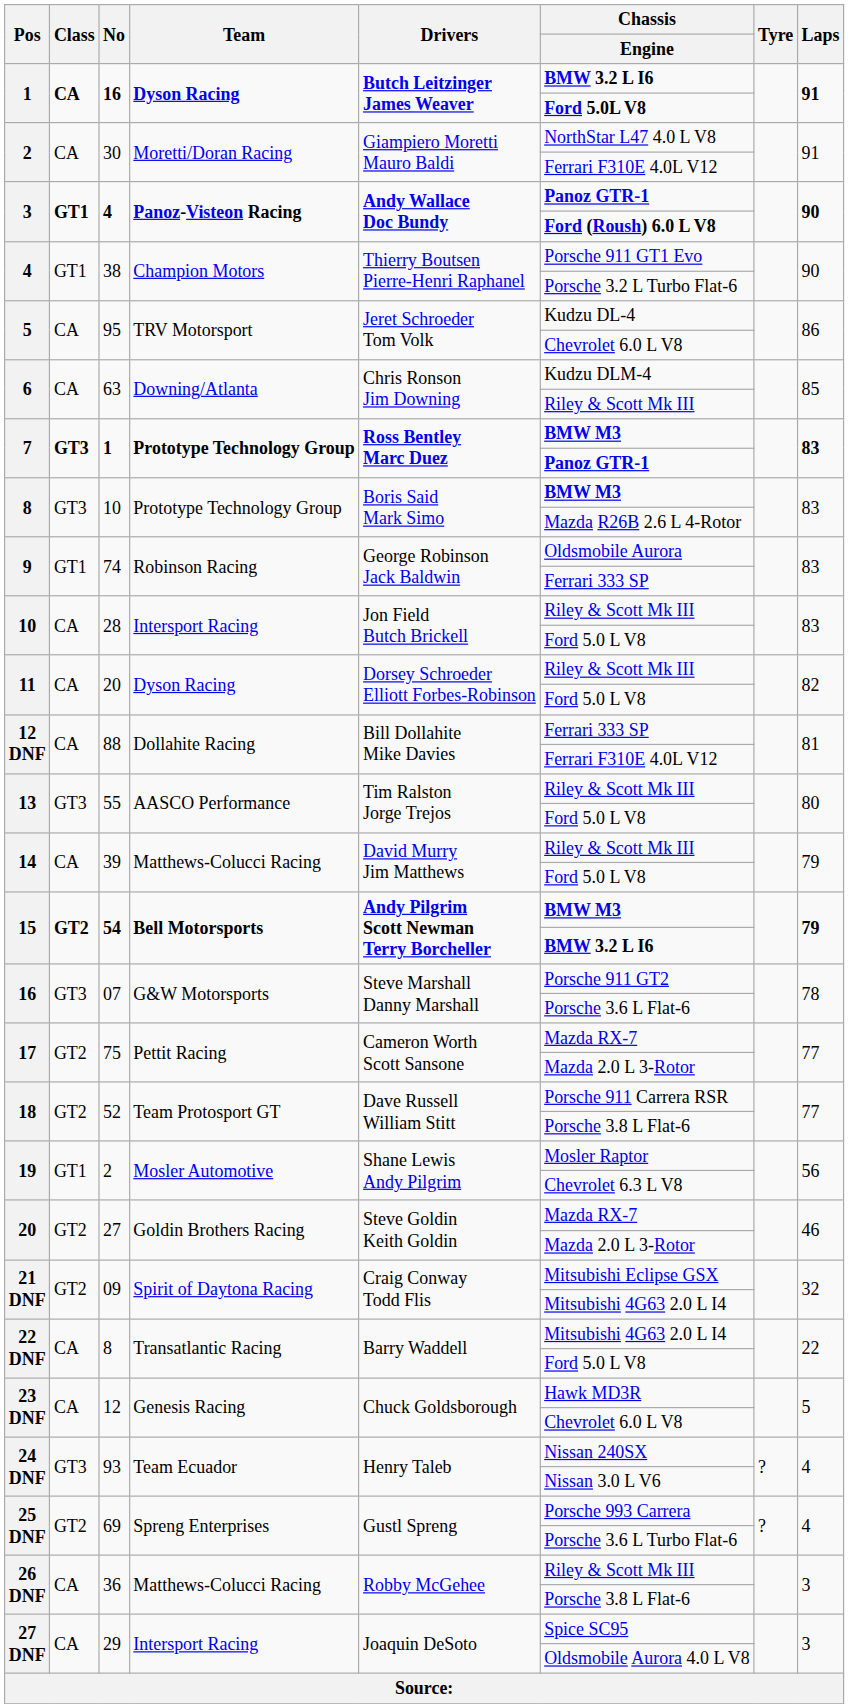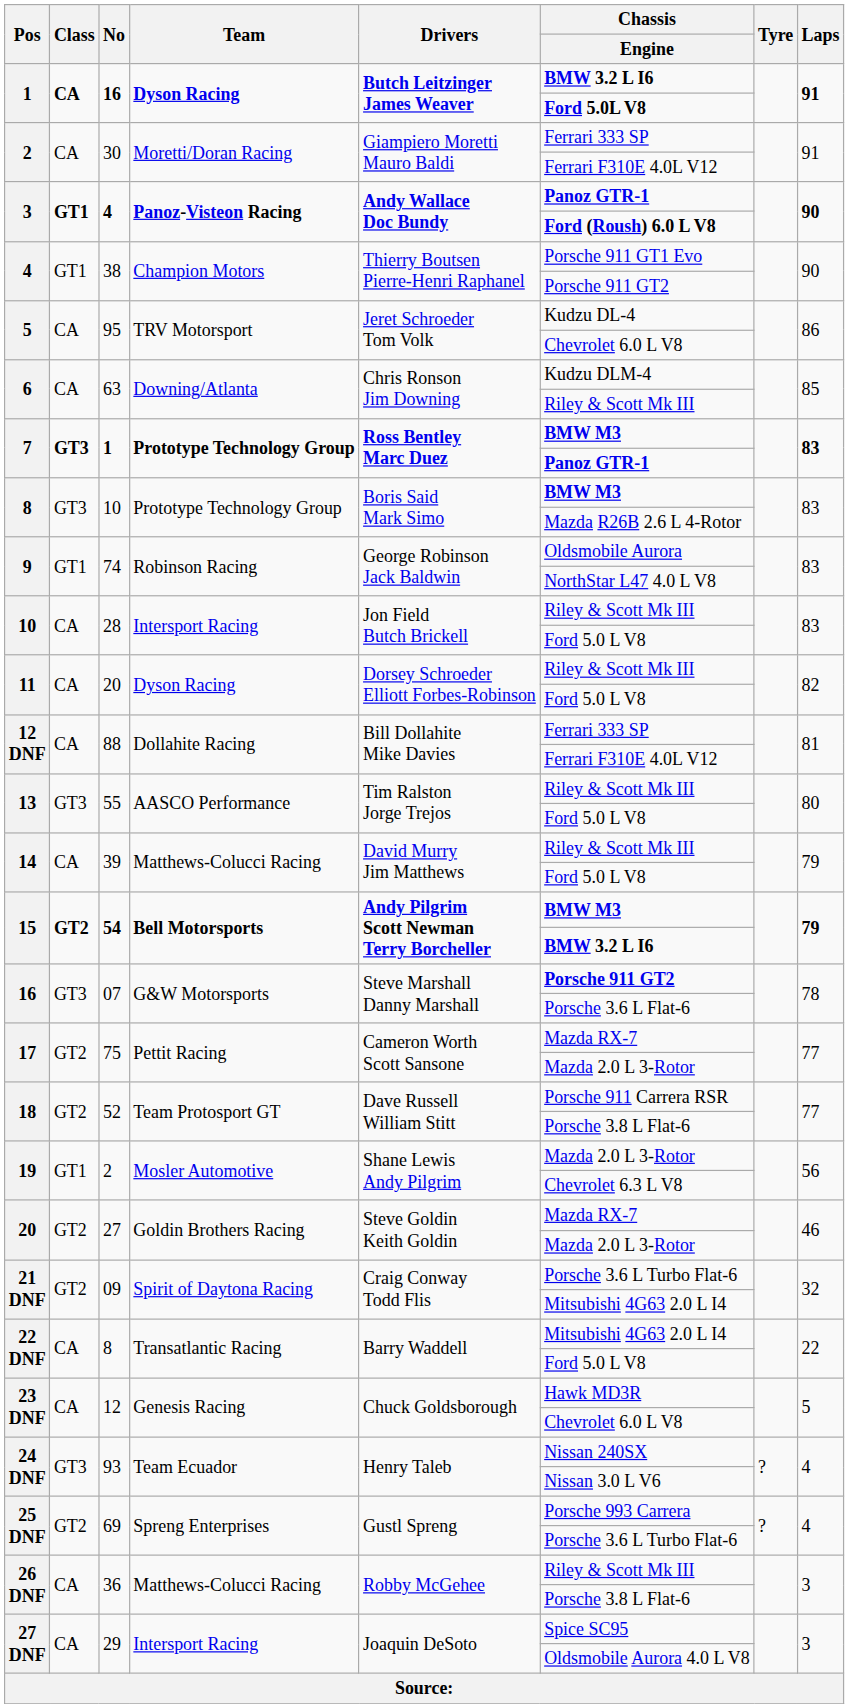 <table class="wikitable" style="font-size: 95%;">
 <tr>
 <th rowspan=2>Pos</th>
 <th rowspan=2>Class</th>
 <th rowspan=2>No</th>
 <th rowspan=2>Team</th>
 <th rowspan=2>Drivers</th>
 <th>Chassis</th>
 <th rowspan=2>Tyre</th>
 <th rowspan=2>Laps</th>
 </tr>
 <tr>
 <th>Engine</th>
 </tr>
 <tr>
 <th rowspan=2>1</th>
 <td rowspan=2><strong>CA</strong></td>
 <td rowspan=2><strong>16</strong></td>
 <td rowspan=2><strong> <a href='#'>Dyson Racing</a></strong></td>
 <td rowspan=2><strong> <a href='#'>Butch Leitzinger</a><br> <a href='#'>James Weaver</a></strong></td>
 <td><strong><a href='#'>BMW</a> 3.2 L I6</strong></td>
 <td rowspan=2></td>
 <td rowspan=2><strong>91</strong></td>
 </tr>
 <tr>
 <td><strong><a href='#'>Ford</a> 5.0L V8</strong></td>
 </tr>
 <tr>
 <th rowspan=2>2</th>
 <td rowspan=2>CA</td>
 <td rowspan=2>30</td>
 <td rowspan=2> <a href='#'>Moretti/Doran Racing</a></td>
 <td rowspan=2> <a href='#'>Giampiero Moretti</a><br> <a href='#'>Mauro Baldi</a></td>
-<td><a href='#'>NorthStar L47</a> 4.0 L V8</td>
+<td><a href='#'>Ferrari 333 SP</a></td>
 <td rowspan=2></td>
 <td rowspan=2>91</td>
 </tr>
 <tr>
 <td><a href='#'>Ferrari F310E</a> 4.0L V12</td>
 </tr>
 <tr>
 <th rowspan=2>3</th>
 <td rowspan=2><strong>GT1</strong></td>
 <td rowspan=2><strong>4</strong></td>
 <td rowspan=2><strong> <a href='#'>Panoz</a>-<a href='#'>Visteon</a> Racing</strong></td>
 <td rowspan=2><strong> <a href='#'>Andy Wallace</a><br> <a href='#'>Doc Bundy</a></strong></td>
 <td><strong><a href='#'>Panoz GTR-1</a></strong></td>
 <td rowspan=2></td>
 <td rowspan=2><strong>90</strong></td>
 </tr>
 <tr>
 <td><strong><a href='#'>Ford</a> (<a href='#'>Roush</a>) 6.0 L V8</strong></td>
 </tr>
 <tr>
 <th rowspan=2>4</th>
 <td rowspan=2>GT1</td>
 <td rowspan=2>38</td>
 <td rowspan=2> <a href='#'>Champion Motors</a></td>
 <td rowspan=2> <a href='#'>Thierry Boutsen</a><br> <a href='#'>Pierre-Henri Raphanel</a></td>
 <td><a href='#'>Porsche 911 GT1 Evo</a></td>
 <td rowspan=2></td>
 <td rowspan=2>90</td>
 </tr>
 <tr>
-<td><a href='#'>Porsche</a> 3.2 L Turbo Flat-6</td>
+<td><a href='#'>Porsche 911 GT2</a></td>
 </tr>
 <tr>
 <th rowspan=2>5</th>
 <td rowspan=2>CA</td>
 <td rowspan=2>95</td>
 <td rowspan=2> TRV Motorsport</td>
 <td rowspan=2> <a href='#'>Jeret Schroeder</a><br> Tom Volk</td>
 <td>Kudzu DL-4</td>
 <td rowspan=2></td>
 <td rowspan=2>86</td>
 </tr>
 <tr>
 <td><a href='#'>Chevrolet</a> 6.0 L V8</td>
 </tr>
 <tr>
 <th rowspan=2>6</th>
 <td rowspan=2>CA</td>
 <td rowspan=2>63</td>
 <td rowspan=2> <a href='#'>Downing/Atlanta</a></td>
 <td rowspan=2> Chris Ronson<br> <a href='#'>Jim Downing</a></td>
 <td>Kudzu DLM-4</td>
 <td rowspan=2></td>
 <td rowspan=2>85</td>
 </tr>
 <tr>
 <td><a href='#'>Riley & Scott Mk III</a></td>
 </tr>
 <tr>
 <th rowspan=2>7</th>
 <td rowspan=2><strong>GT3</strong></td>
 <td rowspan=2><strong>1</strong></td>
 <td rowspan=2><strong> Prototype Technology Group</strong></td>
 <td rowspan=2><strong> <a href='#'>Ross Bentley</a><br> <a href='#'>Marc Duez</a></strong></td>
 <td><a href='#'><strong>BMW M3</strong></a></td>
 <td rowspan=2></td>
 <td rowspan=2><strong>83</strong></td>
 </tr>
 <tr>
 <td><strong><a href='#'>Panoz GTR-1</a></strong></td>
 </tr>
 <tr>
 <th rowspan=2>8</th>
 <td rowspan=2>GT3</td>
 <td rowspan=2>10</td>
 <td rowspan=2> Prototype Technology Group</td>
 <td rowspan=2> <a href='#'>Boris Said</a><br> <a href='#'>Mark Simo</a></td>
 <td><strong><a href='#'>BMW M3</a></strong></td>
 <td rowspan=2></td>
 <td rowspan=2>83</td>
 </tr>
 <tr>
 <td><a href='#'>Mazda</a> <a href='#'>R26B</a> 2.6 L 4-Rotor</td>
 </tr>
 <tr>
 <th rowspan=2>9</th>
 <td rowspan=2>GT1</td>
 <td rowspan=2>74</td>
 <td rowspan=2> Robinson Racing</td>
 <td rowspan=2> George Robinson<br> <a href='#'>Jack Baldwin</a></td>
 <td><a href='#'>Oldsmobile Aurora</a></td>
 <td rowspan=2></td>
 <td rowspan=2>83</td>
 </tr>
 <tr>
-<td><a href='#'>Ferrari 333 SP</a></td>
+<td><a href='#'>NorthStar L47</a> 4.0 L V8</td>
 </tr>
 <tr>
 <th rowspan=2>10</th>
 <td rowspan=2>CA</td>
 <td rowspan=2>28</td>
 <td rowspan=2> <a href='#'>Intersport Racing</a></td>
 <td rowspan=2> Jon Field<br> <a href='#'>Butch Brickell</a></td>
 <td><a href='#'>Riley & Scott Mk III</a></td>
 <td rowspan=2></td>
 <td rowspan=2>83</td>
 </tr>
 <tr>
 <td><a href='#'>Ford</a> 5.0 L V8</td>
 </tr>
 <tr>
 <th rowspan=2>11</th>
 <td rowspan=2>CA</td>
 <td rowspan=2>20</td>
 <td rowspan=2> <a href='#'>Dyson Racing</a></td>
 <td rowspan=2> <a href='#'>Dorsey Schroeder</a><br> <a href='#'>Elliott Forbes-Robinson</a></td>
 <td><a href='#'>Riley & Scott Mk III</a></td>
 <td rowspan=2></td>
 <td rowspan=2>82</td>
 </tr>
 <tr>
 <td><a href='#'>Ford</a> 5.0 L V8</td>
 </tr>
 <tr>
 <th rowspan=2>12<br>DNF</th>
 <td rowspan=2>CA</td>
 <td rowspan=2>88</td>
 <td rowspan=2> Dollahite Racing</td>
 <td rowspan=2> Bill Dollahite<br> Mike Davies</td>
 <td><a href='#'>Ferrari 333 SP</a></td>
 <td rowspan=2></td>
 <td rowspan=2>81</td>
 </tr>
 <tr>
 <td><a href='#'>Ferrari F310E</a> 4.0L V12</td>
 </tr>
 <tr>
 <th rowspan=2>13</th>
 <td rowspan=2>GT3</td>
 <td rowspan=2>55</td>
 <td rowspan=2> AASCO Performance</td>
 <td rowspan=2> Tim Ralston<br> Jorge Trejos</td>
 <td><a href='#'>Riley & Scott Mk III</a></td>
 <td rowspan=2></td>
 <td rowspan=2>80</td>
 </tr>
 <tr>
 <td><a href='#'>Ford</a> 5.0 L V8</td>
 </tr>
 <tr>
 <th rowspan=2>14</th>
 <td rowspan=2>CA</td>
 <td rowspan=2>39</td>
 <td rowspan=2> Matthews-Colucci Racing</td>
 <td rowspan=2> <a href='#'>David Murry</a><br> Jim Matthews</td>
 <td><a href='#'>Riley & Scott Mk III</a></td>
 <td rowspan=2></td>
 <td rowspan=2>79</td>
 </tr>
 <tr>
 <td><a href='#'>Ford</a> 5.0 L V8</td>
 </tr>
 <tr>
 <th rowspan=2>15</th>
 <td rowspan=2><strong>GT2</strong></td>
 <td rowspan=2><strong>54</strong></td>
 <td rowspan=2><strong> Bell Motorsports</strong></td>
 <td rowspan=2><strong> <a href='#'>Andy Pilgrim</a><br> Scott Newman<br> <a href='#'>Terry Borcheller</a></strong></td>
 <td><a href='#'><strong>BMW M3</strong></a></td>
 <td rowspan=2></td>
 <td rowspan=2><strong>79</strong></td>
 </tr>
 <tr>
 <td><strong><a href='#'>BMW</a> 3.2 L I6</strong></td>
 </tr>
 <tr>
 <th rowspan=2>16</th>
 <td rowspan=2>GT3</td>
 <td rowspan=2>07</td>
 <td rowspan=2> G&W Motorsports</td>
 <td rowspan=2> Steve Marshall<br> Danny Marshall</td>
-<td><a href='#'>Porsche 911 GT2</a></td>
+<td><strong><a href='#'>Porsche 911 GT2</a></strong></td>
 <td rowspan=2></td>
 <td rowspan=2>78</td>
 </tr>
 <tr>
 <td><a href='#'>Porsche</a> 3.6 L Flat-6</td>
 </tr>
 <tr>
 <th rowspan=2>17</th>
 <td rowspan=2>GT2</td>
 <td rowspan=2>75</td>
 <td rowspan=2> Pettit Racing</td>
 <td rowspan=2> Cameron Worth<br> Scott Sansone</td>
 <td><a href='#'>Mazda RX-7</a></td>
 <td rowspan=2></td>
 <td rowspan=2>77</td>
 </tr>
 <tr>
 <td><a href='#'>Mazda</a> 2.0 L 3-<a href='#'>Rotor</a></td>
 </tr>
 <tr>
 <th rowspan=2>18</th>
 <td rowspan=2>GT2</td>
 <td rowspan=2>52</td>
 <td rowspan=2> Team Protosport GT</td>
 <td rowspan=2> Dave Russell<br> William Stitt</td>
 <td><a href='#'>Porsche 911</a> Carrera RSR</td>
 <td rowspan=2></td>
 <td rowspan=2>77</td>
 </tr>
 <tr>
 <td><a href='#'>Porsche</a> 3.8 L Flat-6</td>
 </tr>
 <tr>
 <th rowspan=2>19</th>
 <td rowspan=2>GT1</td>
 <td rowspan=2>2</td>
 <td rowspan=2> <a href='#'>Mosler Automotive</a></td>
 <td rowspan=2> Shane Lewis<br> <a href='#'>Andy Pilgrim</a></td>
-<td><a href='#'>Mosler Raptor</a></td>
+<td><a href='#'>Mazda</a> 2.0 L 3-<a href='#'>Rotor</a></td>
 <td rowspan=2></td>
 <td rowspan=2>56</td>
 </tr>
 <tr>
 <td><a href='#'>Chevrolet</a> 6.3 L V8</td>
 </tr>
 <tr>
 <th rowspan=2>20</th>
 <td rowspan=2>GT2</td>
 <td rowspan=2>27</td>
 <td rowspan=2> Goldin Brothers Racing</td>
 <td rowspan=2> Steve Goldin<br> Keith Goldin</td>
 <td><a href='#'>Mazda RX-7</a></td>
 <td rowspan=2></td>
 <td rowspan=2>46</td>
 </tr>
 <tr>
 <td><a href='#'>Mazda</a> 2.0 L 3-<a href='#'>Rotor</a></td>
 </tr>
 <tr>
 <th rowspan=2>21<br>DNF</th>
 <td rowspan=2>GT2</td>
 <td rowspan=2>09</td>
 <td rowspan=2> <a href='#'>Spirit of Daytona Racing</a></td>
 <td rowspan=2> Craig Conway<br> Todd Flis</td>
-<td><a href='#'>Mitsubishi Eclipse GSX</a></td>
+<td><a href='#'>Porsche</a> 3.6 L Turbo Flat-6</td>
 <td rowspan=2></td>
 <td rowspan=2>32</td>
 </tr>
 <tr>
 <td><a href='#'>Mitsubishi</a> <a href='#'>4G63</a> 2.0 L I4</td>
 </tr>
 <tr>
 <th rowspan="2">22<br>DNF</th>
 <td rowspan="2">CA</td>
 <td rowspan="2">8</td>
 <td rowspan="2"> Transatlantic Racing</td>
 <td rowspan="2"> Barry Waddell</td>
 <td><a href='#'>Mitsubishi</a> <a href='#'>4G63</a> 2.0 L I4</td>
 <td rowspan="2"></td>
 <td rowspan="2">22</td>
 </tr>
 <tr>
 <td><a href='#'>Ford</a> 5.0 L V8</td>
 </tr>
 <tr>
 <th rowspan="2">23<br>DNF</th>
 <td rowspan="2">CA</td>
 <td rowspan="2">12</td>
 <td rowspan="2"> Genesis Racing</td>
 <td rowspan="2"> Chuck Goldsborough</td>
 <td><a href='#'>Hawk MD3R</a></td>
 <td rowspan="2"></td>
 <td rowspan="2">5</td>
 </tr>
 <tr>
 <td><a href='#'>Chevrolet</a> 6.0 L V8</td>
 </tr>
 <tr>
 <th rowspan="2">24<br>DNF</th>
 <td rowspan="2">GT3</td>
 <td rowspan="2">93</td>
 <td rowspan="2"> Team Ecuador</td>
 <td rowspan="2"> Henry Taleb</td>
 <td><a href='#'>Nissan 240SX</a></td>
 <td rowspan="2">?</td>
 <td rowspan="2">4</td>
 </tr>
 <tr>
 <td><a href='#'>Nissan</a> 3.0 L V6</td>
 </tr>
 <tr>
 <th rowspan="2">25<br>DNF</th>
 <td rowspan="2">GT2</td>
 <td rowspan="2">69</td>
 <td rowspan="2"> Spreng Enterprises</td>
 <td rowspan="2"> Gustl Spreng</td>
 <td><a href='#'>Porsche 993 Carrera</a></td>
 <td rowspan="2">?</td>
 <td rowspan="2">4</td>
 </tr>
 <tr>
 <td><a href='#'>Porsche</a> 3.6 L Turbo Flat-6</td>
 </tr>
 <tr>
 <th rowspan="2">26<br>DNF</th>
 <td rowspan="2">CA</td>
 <td rowspan="2">36</td>
 <td rowspan="2"> Matthews-Colucci Racing</td>
 <td rowspan="2"> <a href='#'>Robby McGehee</a></td>
 <td><a href='#'>Riley & Scott Mk III</a></td>
 <td rowspan="2"></td>
 <td rowspan="2">3</td>
 </tr>
 <tr>
 <td><a href='#'>Porsche</a> 3.8 L Flat-6</td>
 </tr>
 <tr>
 <th rowspan="2">27<br>DNF</th>
 <td rowspan="2">CA</td>
 <td rowspan="2">29</td>
 <td rowspan="2"> <a href='#'>Intersport Racing</a></td>
 <td rowspan="2"> Joaquin DeSoto</td>
 <td><a href='#'>Spice SC95</a></td>
 <td rowspan="2"></td>
 <td rowspan="2">3</td>
 </tr>
 <tr>
 <td><a href='#'>Oldsmobile</a> <a href='#'>Aurora</a> 4.0 L V8</td>
 </tr>
 <tr>
 <th colspan="8">Source:</th>
 </tr>
 </table>
